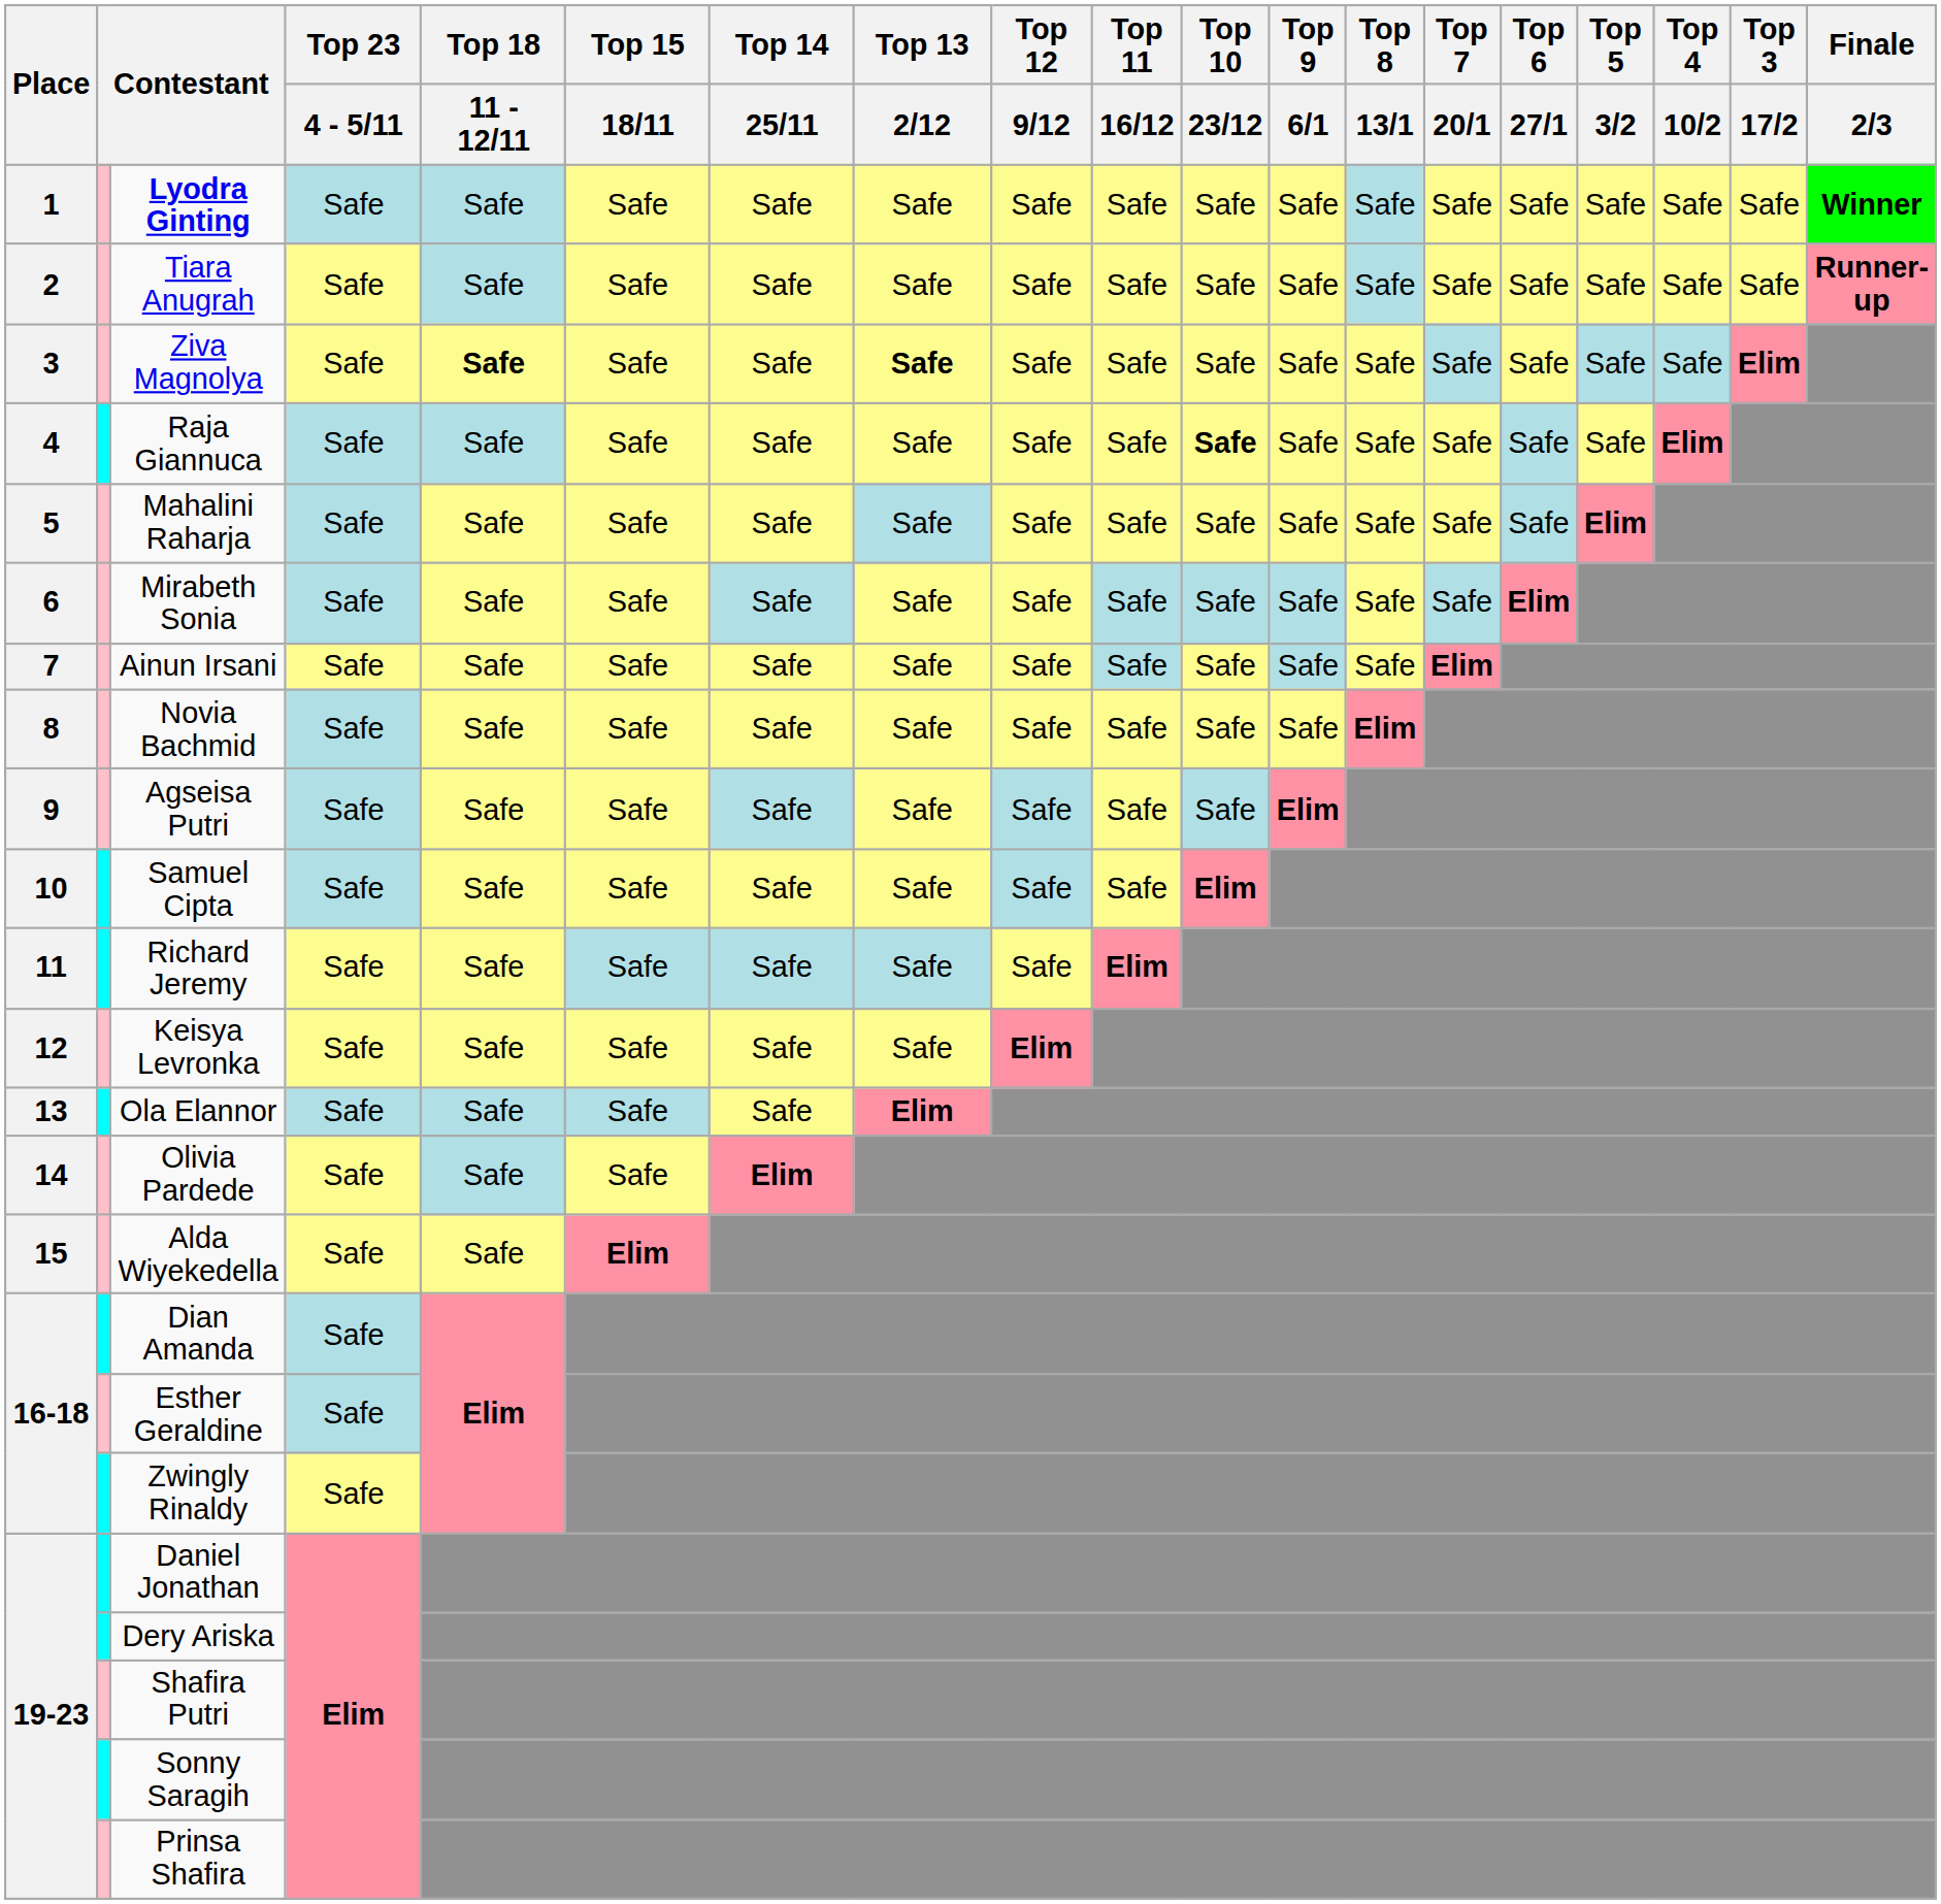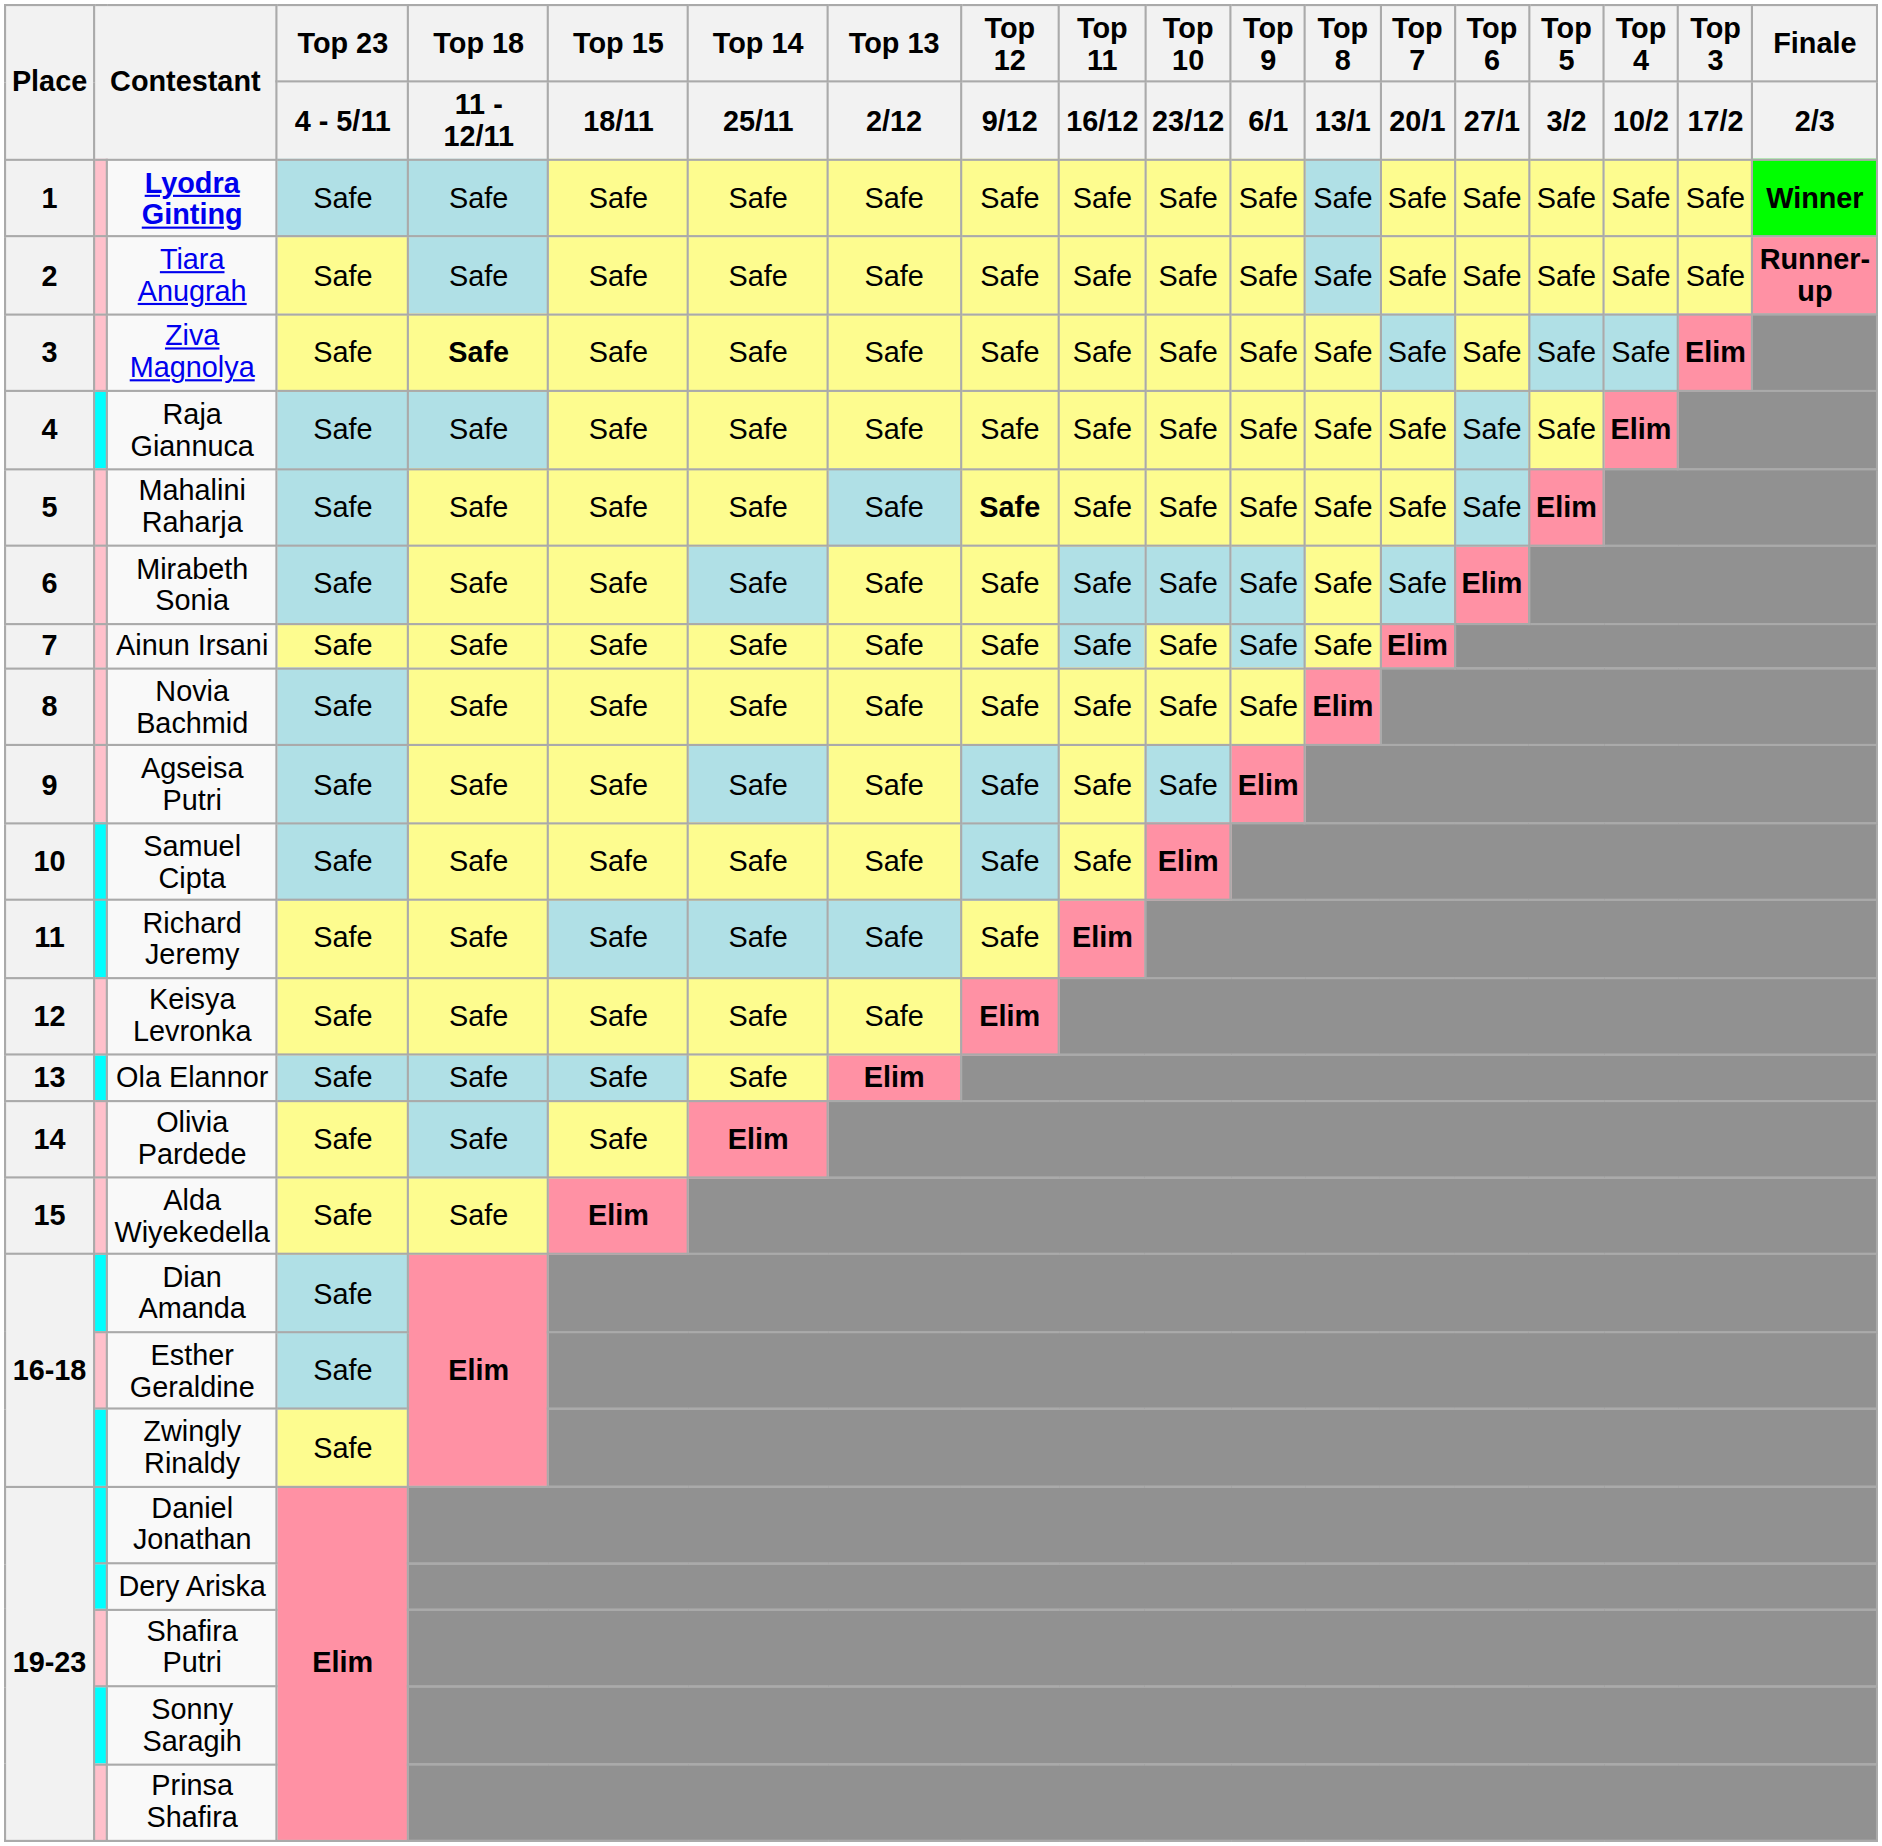 <table class="wikitable" style="text-align:center; font-size:85%; margin-left: auto; margin-right: auto;">
 <tr>
 <th scope="col" rowspan="2">Place</th>
 <th scope="col" rowspan="2" colspan="2">Contestant</th>
 <th scope="col" style="width:18%;">Top 23</th>
 <th scope="col" style="width:18%;">Top 18</th>
 <th scope="col" style="width:18%;">Top 15</th>
 <th scope="col" style="width:18%;">Top 14</th>
 <th scope="col" style="width:18%;">Top 13</th>
 <th scope="col" style="width:18%;">Top 12</th>
 <th scope="col" style="width:18%;">Top 11</th>
 <th scope="col" style="width:18%;">Top 10</th>
 <th scope="col" style="width:18%;">Top 9</th>
 <th scope="col" style="width:18%;">Top 8</th>
 <th scope="col" style="width:18%;">Top 7</th>
 <th scope="col" style="width:18%;">Top 6</th>
 <th scope="col" style="width:18%;">Top 5</th>
 <th scope="col" style="width:18%;">Top 4</th>
 <th scope="col" style="width:18%;">Top 3</th>
 <th scope="col" style="width:18%;">Finale</th>
 </tr>
 <tr>
 <th style="width:50px;">4 - 5/11</th>
 <th style="width:60px;">11 - 12/11</th>
 <th style="width:60px;">18/11</th>
 <th style="width:60px;">25/11</th>
 <th style="width:60px;">2/12</th>
 <th style="width:60px;">9/12</th>
 <th style="width:60px;">16/12</th>
 <th style="width:60px;">23/12</th>
 <th style="width:60px;">6/1</th>
 <th style="width:60px;">13/1</th>
 <th style="width:60px;">20/1</th>
 <th style="width:60px;">27/1</th>
 <th style="width:60px;">3/2</th>
 <th style="width:60px;">10/2</th>
 <th style="width:60px;">17/2</th>
 <th style="width:60px;">2/3</th>
 </tr>
 <tr>
 <th scope="row">1</th>
 <td style="background:pink;"></td>
 <td><strong><a href='#'>Lyodra Ginting</a></strong></td>
 <td style="background:#B0E0E6">Safe</td>
 <td style="background:#B0E0E6">Safe</td>
 <td style="background:#FDFC8F">Safe</td>
 <td style="background:#FDFC8F">Safe</td>
 <td style="background:#FDFC8F">Safe</td>
 <td style="background:#FDFC8F">Safe</td>
 <td style="background:#FDFC8F">Safe</td>
 <td style="background:#FDFC8F">Safe</td>
 <td style="background:#FDFC8F">Safe</td>
 <td style="background:#B0E0E6">Safe</td>
 <td style="background:#FDFC8F">Safe</td>
 <td style="background:#FDFC8F">Safe</td>
 <td style="background:#FDFC8F">Safe</td>
 <td style="background:#FDFC8F">Safe</td>
 <td style="background:#FDFC8F">Safe</td>
 <td style="background:lime;"><strong>Winner</strong></td>
 </tr>
 <tr>
 <th scope="row">2</th>
 <td style="background:pink;"></td>
 <td><a href='#'>Tiara Anugrah</a></td>
 <td style="background:#FDFC8F">Safe</td>
 <td style="background:#B0E0E6">Safe</td>
 <td style="background:#FDFC8F">Safe</td>
 <td style="background:#FDFC8F">Safe</td>
 <td style="background:#FDFC8F">Safe</td>
 <td style="background:#FDFC8F">Safe</td>
 <td style="background:#FDFC8F">Safe</td>
 <td style="background:#FDFC8F">Safe</td>
 <td style="background:#FDFC8F">Safe</td>
 <td style="background:#B0E0E6">Safe</td>
 <td style="background:#FDFC8F">Safe</td>
 <td style="background:#FDFC8F">Safe</td>
 <td style="background:#FDFC8F">Safe</td>
 <td style="background:#FDFC8F">Safe</td>
 <td style="background:#FDFC8F">Safe</td>
 <td style="background:#FF91A4"><strong>Runner-up</strong></td>
 </tr>
 <tr>
 <th scope="row">3</th>
 <td style="background:pink;"></td>
 <td><a href='#'>Ziva Magnolya</a></td>
 <td style="background:#FDFC8F">Safe</td>
 <td style="background:#FDFC8F"><strong>Safe</strong></td>
 <td style="background:#FDFC8F">Safe</td>
 <td style="background:#FDFC8F">Safe</td>
-<td style="background:#FDFC8F"><strong>Safe</strong></td>
+<td style="background:#FDFC8F">Safe</td>
 <td style="background:#FDFC8F">Safe</td>
 <td style="background:#FDFC8F">Safe</td>
 <td style="background:#FDFC8F">Safe</td>
 <td style="background:#FDFC8F">Safe</td>
 <td style="background:#FDFC8F">Safe</td>
 <td style="background:#B0E0E6">Safe</td>
 <td style="background:#FDFC8F">Safe</td>
 <td style="background:#B0E0E6">Safe</td>
 <td style="background:#B0E0E6">Safe</td>
 <td style="background:#FF91A4"><strong>Elim</strong></td>
 <td style="background:#919191;" colspan="90"></td>
 </tr>
 <tr>
 <th scope="row">4</th>
 <td style="background:cyan;"></td>
 <td>Raja Giannuca</td>
 <td style="background:#B0E0E6">Safe</td>
 <td style="background:#B0E0E6">Safe</td>
 <td style="background:#FDFC8F">Safe</td>
 <td style="background:#FDFC8F">Safe</td>
 <td style="background:#FDFC8F">Safe</td>
 <td style="background:#FDFC8F">Safe</td>
 <td style="background:#FDFC8F">Safe</td>
-<td style="background:#FDFC8F"><strong>Safe</strong></td>
+<td style="background:#FDFC8F">Safe</td>
 <td style="background:#FDFC8F">Safe</td>
 <td style="background:#FDFC8F">Safe</td>
 <td style="background:#FDFC8F">Safe</td>
 <td style="background:#B0E0E6">Safe</td>
 <td style="background:#FDFC8F">Safe</td>
 <td style="background:#FF91A4"><strong>Elim</strong></td>
 <td style="background:#919191;" colspan="90"></td>
 </tr>
 <tr>
 <th scope="row">5</th>
 <td style="background:pink;"></td>
 <td>Mahalini Raharja</td>
 <td style="background:#B0E0E6">Safe</td>
 <td style="background:#FDFC8F">Safe</td>
 <td style="background:#FDFC8F">Safe</td>
 <td style="background:#FDFC8F">Safe</td>
 <td style="background:#B0E0E6">Safe</td>
-<td style="background:#FDFC8F">Safe</td>
+<td style="background:#FDFC8F"><strong>Safe</strong></td>
 <td style="background:#FDFC8F">Safe</td>
 <td style="background:#FDFC8F">Safe</td>
 <td style="background:#FDFC8F">Safe</td>
 <td style="background:#FDFC8F">Safe</td>
 <td style="background:#FDFC8F">Safe</td>
 <td style="background:#B0E0E6">Safe</td>
 <td style="background:#FF91A4"><strong>Elim</strong></td>
 <td style="background:#919191;" colspan="90"></td>
 </tr>
 <tr>
 <th scope="row">6</th>
 <td style="background:pink;"></td>
 <td>Mirabeth Sonia</td>
 <td style="background:#B0E0E6">Safe</td>
 <td style="background:#FDFC8F">Safe</td>
 <td style="background:#FDFC8F">Safe</td>
 <td style="background:#B0E0E6">Safe</td>
 <td style="background:#FDFC8F">Safe</td>
 <td style="background:#FDFC8F">Safe</td>
 <td style="background:#B0E0E6">Safe</td>
 <td style="background:#B0E0E6">Safe</td>
 <td style="background:#B0E0E6">Safe</td>
 <td style="background:#FDFC8F">Safe</td>
 <td style="background:#B0E0E6">Safe</td>
 <td style="background:#FF91A4"><strong>Elim</strong></td>
 <td style="background:#919191;" colspan="90"></td>
 </tr>
 <tr>
 <th scope="row">7</th>
 <td style="background:pink;"></td>
 <td>Ainun Irsani</td>
 <td style="background:#FDFC8F">Safe</td>
 <td style="background:#FDFC8F">Safe</td>
 <td style="background:#FDFC8F">Safe</td>
 <td style="background:#FDFC8F">Safe</td>
 <td style="background:#FDFC8F">Safe</td>
 <td style="background:#FDFC8F">Safe</td>
 <td style="background:#B0E0E6">Safe</td>
 <td style="background:#FDFC8F">Safe</td>
 <td style="background:#B0E0E6">Safe</td>
 <td style="background:#FDFC8F">Safe</td>
 <td style="background:#FF91A4"><strong>Elim</strong></td>
 <td style="background:#919191;" colspan="90"></td>
 </tr>
 <tr>
 <th scope="row">8</th>
 <td style="background:pink;"></td>
 <td>Novia Bachmid</td>
 <td style="background:#B0E0E6">Safe</td>
 <td style="background:#FDFC8F">Safe</td>
 <td style="background:#FDFC8F">Safe</td>
 <td style="background:#FDFC8F">Safe</td>
 <td style="background:#FDFC8F">Safe</td>
 <td style="background:#FDFC8F">Safe</td>
 <td style="background:#FDFC8F">Safe</td>
 <td style="background:#FDFC8F">Safe</td>
 <td style="background:#FDFC8F">Safe</td>
 <td style="background:#FF91A4"><strong>Elim</strong></td>
 <td style="background:#919191;" colspan="90"></td>
 </tr>
 <tr>
 <th scope="row">9</th>
 <td style="background:pink;"></td>
 <td>Agseisa Putri</td>
 <td style="background:#B0E0E6">Safe</td>
 <td style="background:#FDFC8F">Safe</td>
 <td style="background:#FDFC8F">Safe</td>
 <td style="background:#B0E0E6">Safe</td>
 <td style="background:#FDFC8F">Safe</td>
 <td style="background:#B0E0E6">Safe</td>
 <td style="background:#FDFC8F">Safe</td>
 <td style="background:#B0E0E6">Safe</td>
 <td style="background:#FF91A4"><strong>Elim</strong></td>
 <td style="background:#919191;" colspan="90"></td>
 </tr>
 <tr>
 <th scope="row">10</th>
 <td style="background:cyan;"></td>
 <td>Samuel Cipta</td>
 <td style="background:#B0E0E6">Safe</td>
 <td style="background:#FDFC8F">Safe</td>
 <td style="background:#FDFC8F">Safe</td>
 <td style="background:#FDFC8F">Safe</td>
 <td style="background:#FDFC8F">Safe</td>
 <td style="background:#B0E0E6">Safe</td>
 <td style="background:#FDFC8F">Safe</td>
 <td style="background:#FF91A4"><strong>Elim</strong></td>
 <td style="background:#919191;" colspan="90"></td>
 </tr>
 <tr>
 <th scope="row">11</th>
 <td style="background:cyan;"></td>
 <td>Richard Jeremy</td>
 <td style="background:#FDFC8F">Safe</td>
 <td style="background:#FDFC8F">Safe</td>
 <td style="background:#B0E0E6">Safe</td>
 <td style="background:#B0E0E6">Safe</td>
 <td style="background:#B0E0E6">Safe</td>
 <td style="background:#FDFC8F">Safe</td>
 <td style="background:#FF91A4"><strong>Elim</strong></td>
 <td style="background:#919191;" colspan="90"></td>
 </tr>
 <tr>
 <th scope="row">12</th>
 <td style="background:pink;"></td>
 <td>Keisya Levronka</td>
 <td style="background:#FDFC8F">Safe</td>
 <td style="background:#FDFC8F">Safe</td>
 <td style="background:#FDFC8F">Safe</td>
 <td style="background:#FDFC8F">Safe</td>
 <td style="background:#FDFC8F">Safe</td>
 <td style="background:#FF91A4"><strong>Elim</strong></td>
 <td style="background:#919191;" colspan="90"></td>
 </tr>
 <tr>
 <th scope="row">13</th>
 <td style="background:cyan;"></td>
 <td>Ola Elannor</td>
 <td style="background:#B0E0E6">Safe</td>
 <td style="background:#B0E0E6">Safe</td>
 <td style="background:#B0E0E6">Safe</td>
 <td style="background:#FDFC8F">Safe</td>
 <td style="background:#FF91A4"><strong>Elim</strong></td>
 <td style="background:#919191;" colspan="90"></td>
 </tr>
 <tr>
 <th scope="row">14</th>
 <td style="background:pink;"></td>
 <td>Olivia Pardede</td>
 <td style="background:#FDFC8F">Safe</td>
 <td style="background:#B0E0E6">Safe</td>
 <td style="background:#FDFC8F">Safe</td>
 <td style="background:#FF91A4"><strong>Elim</strong></td>
 <td style="background:#919191;" colspan="90"></td>
 </tr>
 <tr>
 <th scope="row">15</th>
 <td style="background:pink;"></td>
 <td>Alda Wiyekedella</td>
 <td style="background:#FDFC8F">Safe</td>
 <td style="background:#FDFC8F">Safe</td>
 <td style="background:#FF91A4"><strong>Elim</strong></td>
 <td style="background:#919191;" colspan="90"></td>
 </tr>
 <tr>
 <th rowspan="3" scope="row">16-18</th>
 <td style="background:cyan;"></td>
 <td>Dian Amanda</td>
 <td style="background:#B0E0E6">Safe</td>
 <td rowspan="3" style="background:#FF91A4"><strong>Elim</strong></td>
 <td style="background:#919191;" colspan="90"></td>
 </tr>
 <tr>
 <td style="background:pink;"></td>
 <td>Esther Geraldine</td>
 <td style="background:#B0E0E6">Safe</td>
 <td style="background:#919191;" colspan="90"></td>
 </tr>
 <tr>
 <td style="background:cyan;"></td>
 <td>Zwingly Rinaldy</td>
 <td style="background:#FDFC8F">Safe</td>
 <td style="background:#919191;" colspan="90"></td>
 </tr>
 <tr>
 <th rowspan="5" scope="row">19-23</th>
 <td style="background:cyan;"></td>
 <td>Daniel Jonathan</td>
 <td rowspan="5" style="background:#FF91A4"><strong>Elim</strong></td>
 <td style="background:#919191;" colspan="90"></td>
 </tr>
 <tr>
 <td style="background:cyan;"></td>
 <td>Dery Ariska</td>
 <td style="background:#919191;" colspan="90"></td>
 </tr>
 <tr>
 <td style="background:pink;"></td>
 <td>Shafira Putri</td>
 <td style="background:#919191;" colspan="90"></td>
 </tr>
 <tr>
 <td style="background:cyan;"></td>
 <td>Sonny Saragih</td>
 <td style="background:#919191;" colspan="90"></td>
 </tr>
 <tr>
 <td style="background:pink;"></td>
 <td>Prinsa Shafira</td>
 <td style="background:#919191;" colspan="90"></td>
 </tr>
 <tr>
 </tr>
 </table>
